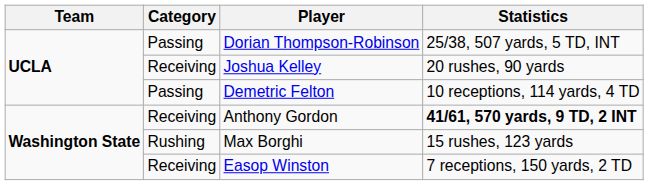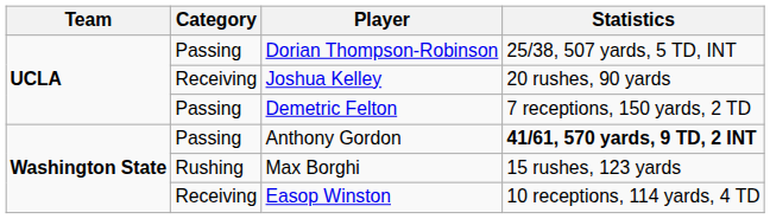 <table class="wikitable" style="float: right;">
 <tr>
 <th>Team</th>
 <th>Category</th>
 <th>Player</th>
 <th>Statistics</th>
 </tr>
 <tr>
 <td rowspan=3><strong>UCLA</strong></td>
 <td>Passing</td>
 <td><a href='#'>Dorian Thompson-Robinson</a></td>
 <td>25/38, 507 yards, 5 TD, INT</td>
 </tr>
 <tr>
 <td>Receiving</td>
 <td><a href='#'>Joshua Kelley</a></td>
 <td>20 rushes, 90 yards</td>
 </tr>
 <tr>
 <td>Passing</td>
 <td><a href='#'>Demetric Felton</a></td>
-<td>10 receptions, 114 yards, 4 TD</td>
+<td>7 receptions, 150 yards, 2 TD</td>
 </tr>
 <tr>
 <td rowspan=3><strong>Washington State</strong></td>
-<td>Receiving</td>
+<td>Passing</td>
 <td>Anthony Gordon</td>
 <td><strong>41/61, 570 yards, 9 TD, 2 INT</strong></td>
 </tr>
 <tr>
 <td>Rushing</td>
 <td>Max Borghi</td>
 <td>15 rushes, 123 yards</td>
 </tr>
 <tr>
 <td>Receiving</td>
 <td><a href='#'>Easop Winston</a></td>
-<td>7 receptions, 150 yards, 2 TD</td>
+<td>10 receptions, 114 yards, 4 TD</td>
 </tr>
 </table>
